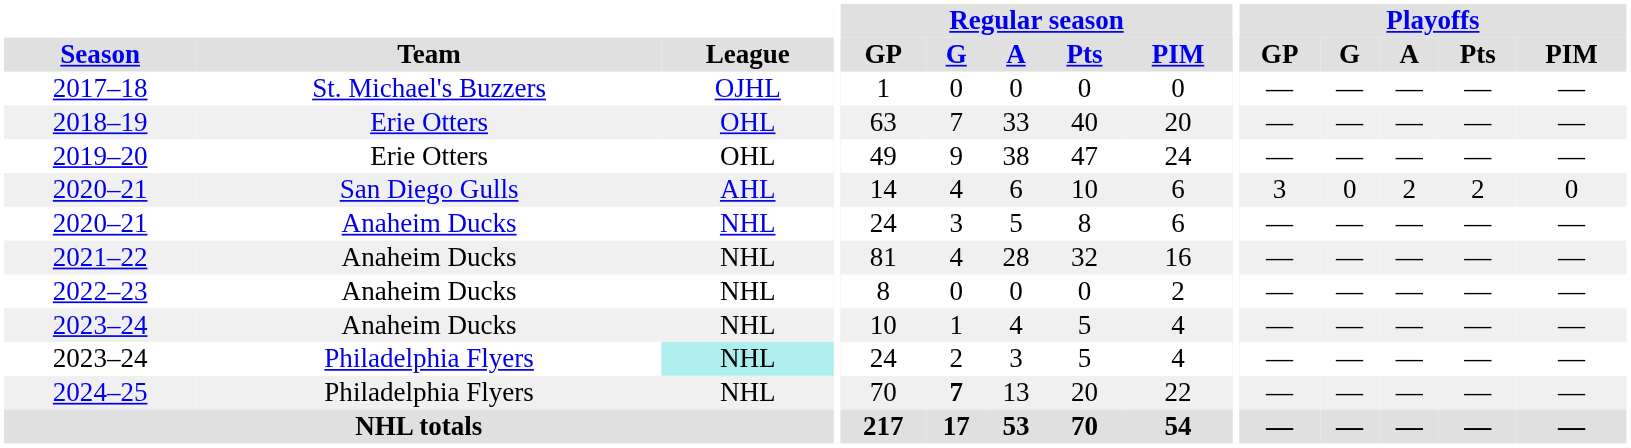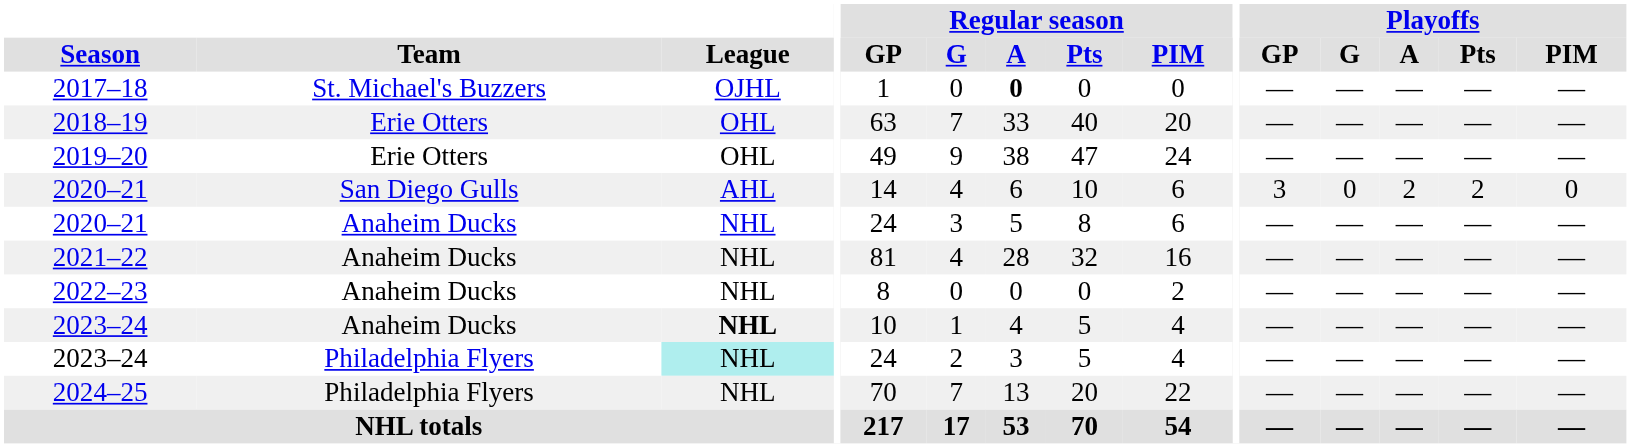 <table border="0" cellpadding="1" cellspacing="0" style="text-align:center; width:60em;">
 <tr bgcolor="#e0e0e0">
 <th colspan="3" bgcolor="#ffffff"></th>
 <th rowspan="101" bgcolor="#ffffff"></th>
 <th colspan="5"><a href='#'>Regular season</a></th>
 <th rowspan="101" bgcolor="#ffffff"></th>
 <th colspan="5"><a href='#'>Playoffs</a></th>
 </tr>
 <tr bgcolor="#e0e0e0">
 <th><a href='#'>Season</a></th>
 <th>Team</th>
 <th>League</th>
 <th>GP</th>
 <th><a href='#'>G</a></th>
 <th><a href='#'>A</a></th>
 <th><a href='#'>Pts</a></th>
 <th><a href='#'>PIM</a></th>
 <th>GP</th>
 <th>G</th>
 <th>A</th>
 <th>Pts</th>
 <th>PIM</th>
 </tr>
 <tr>
 <td><a href='#'>2017–18</a></td>
 <td><a href='#'>St. Michael's Buzzers</a></td>
 <td><a href='#'>OJHL</a></td>
 <td>1</td>
 <td>0</td>
-<td>0</td>
+<td><strong>0</strong></td>
 <td>0</td>
 <td>0</td>
 <td>—</td>
 <td>—</td>
 <td>—</td>
 <td>—</td>
 <td>—</td>
 </tr>
 <tr bgcolor="#f0f0f0">
 <td><a href='#'>2018–19</a></td>
 <td><a href='#'>Erie Otters</a></td>
 <td><a href='#'>OHL</a></td>
 <td>63</td>
 <td>7</td>
 <td>33</td>
 <td>40</td>
 <td>20</td>
 <td>—</td>
 <td>—</td>
 <td>—</td>
 <td>—</td>
 <td>—</td>
 </tr>
 <tr>
 <td><a href='#'>2019–20</a></td>
 <td>Erie Otters</td>
 <td>OHL</td>
 <td>49</td>
 <td>9</td>
 <td>38</td>
 <td>47</td>
 <td>24</td>
 <td>—</td>
 <td>—</td>
 <td>—</td>
 <td>—</td>
 <td>—</td>
 </tr>
 <tr bgcolor="#f0f0f0">
 <td><a href='#'>2020–21</a></td>
 <td><a href='#'>San Diego Gulls</a></td>
 <td><a href='#'>AHL</a></td>
 <td>14</td>
 <td>4</td>
 <td>6</td>
 <td>10</td>
 <td>6</td>
 <td>3</td>
 <td>0</td>
 <td>2</td>
 <td>2</td>
 <td>0</td>
 </tr>
 <tr>
 <td><a href='#'>2020–21</a></td>
 <td><a href='#'>Anaheim Ducks</a></td>
 <td><a href='#'>NHL</a></td>
 <td>24</td>
 <td>3</td>
 <td>5</td>
 <td>8</td>
 <td>6</td>
 <td>—</td>
 <td>—</td>
 <td>—</td>
 <td>—</td>
 <td>—</td>
 </tr>
 <tr bgcolor="#f0f0f0">
 <td><a href='#'>2021–22</a></td>
 <td>Anaheim Ducks</td>
 <td>NHL</td>
 <td>81</td>
 <td>4</td>
 <td>28</td>
 <td>32</td>
 <td>16</td>
 <td>—</td>
 <td>—</td>
 <td>—</td>
 <td>—</td>
 <td>—</td>
 </tr>
 <tr>
 <td><a href='#'>2022–23</a></td>
 <td>Anaheim Ducks</td>
 <td>NHL</td>
 <td>8</td>
 <td>0</td>
 <td>0</td>
 <td>0</td>
 <td>2</td>
 <td>—</td>
 <td>—</td>
 <td>—</td>
 <td>—</td>
 <td>—</td>
 </tr>
 <tr bgcolor="#f0f0f0">
 <td><a href='#'>2023–24</a></td>
 <td>Anaheim Ducks</td>
-<td>NHL</td>
+<td><strong>NHL</strong></td>
 <td>10</td>
 <td>1</td>
 <td>4</td>
 <td>5</td>
 <td>4</td>
 <td>—</td>
 <td>—</td>
 <td>—</td>
 <td>—</td>
 <td>—</td>
 </tr>
 <tr>
 <td>2023–24</td>
 <td><a href='#'>Philadelphia Flyers</a></td>
 <td style="background: paleturquoise;">NHL</td>
 <td>24</td>
 <td>2</td>
 <td>3</td>
 <td>5</td>
 <td>4</td>
 <td>—</td>
 <td>—</td>
 <td>—</td>
 <td>—</td>
 <td>—</td>
 </tr>
 <tr bgcolor="#f0f0f0">
 <td><a href='#'>2024–25</a></td>
 <td>Philadelphia Flyers</td>
 <td>NHL</td>
 <td>70</td>
-<td><strong>7</strong></td>
+<td>7</td>
 <td>13</td>
 <td>20</td>
 <td>22</td>
 <td>—</td>
 <td>—</td>
 <td>—</td>
 <td>—</td>
 <td>—</td>
 </tr>
 <tr bgcolor="#e0e0e0">
 <th colspan="3">NHL totals</th>
 <th>217</th>
 <th>17</th>
 <th>53</th>
 <th>70</th>
 <th>54</th>
 <th>—</th>
 <th>—</th>
 <th>—</th>
 <th>—</th>
 <th>—</th>
 </tr>
 </table>
